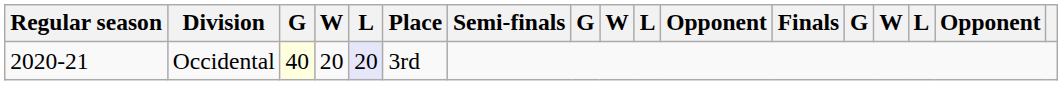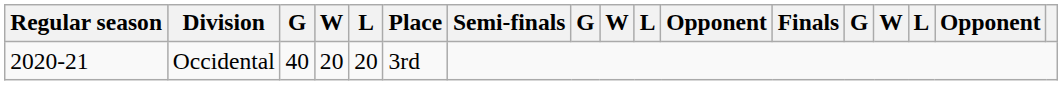 <table class="wikitable">
 <tr>
 <th>Regular season</th>
 <th>Division</th>
 <th>G</th>
 <th>W</th>
 <th>L</th>
 <th>Place</th>
 <th>Semi-finals</th>
 <th>G</th>
 <th>W</th>
 <th>L</th>
 <th>Opponent</th>
 <th>Finals</th>
 <th>G</th>
 <th>W</th>
 <th>L</th>
 <th>Opponent</th>
 <th></th>
 </tr>
 <tr>
 <td 2020-21 LVBP season>2020-21</td>
 <td>Occidental</td>
-<td style="background: lightyellow;">40</td>
+<td>40</td>
 <td>20</td>
-<td style="background: lavender;">20</td>
+<td>20</td>
 <td>3rd </td>
 </tr>
 </table>
